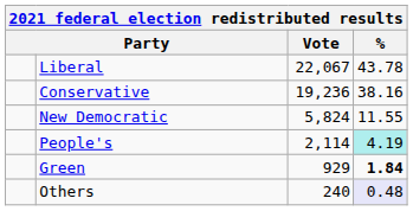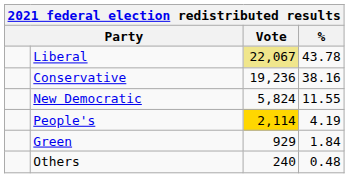 <table class="wikitable">
 <tr>
 <th colspan="4"><a href='#'>2021 federal election</a> redistributed results</th>
 </tr>
 <tr>
 <th bgcolor="#DDDDFF" width="130px" colspan="2">Party</th>
 <th bgcolor="#DDDDFF" width="50px">Vote</th>
 <th bgcolor="#DDDDFF" width="30px">%</th>
 </tr>
 <tr>
 <td> </td>
 <td><a href='#'>Liberal</a></td>
-<td align=right>22,067</td>
+<td align=right style="background: khaki;">22,067</td>
 <td align=right>43.78</td>
 </tr>
 <tr>
 <td> </td>
 <td><a href='#'>Conservative</a></td>
 <td align=right>19,236</td>
 <td align=right>38.16</td>
 </tr>
 <tr>
 <td> </td>
 <td><a href='#'>New Democratic</a></td>
 <td align=right>5,824</td>
 <td align=right>11.55</td>
 </tr>
 <tr>
 <td> </td>
 <td><a href='#'>People's</a></td>
-<td align=right>2,114</td>
-<td align=right style="background: paleturquoise;">4.19</td>
+<td align=right style="background: gold;">2,114</td>
+<td align=right>4.19</td>
 </tr>
 <tr>
 <td> </td>
 <td><a href='#'>Green</a></td>
 <td align=right>929</td>
-<td align=right><strong>1.84</strong></td>
+<td align=right>1.84</td>
 </tr>
 <tr>
 <td> </td>
 <td>Others</td>
 <td align=right>240</td>
-<td align=right style="background: lavender;">0.48</td>
+<td align=right>0.48</td>
 </tr>
 </table>
